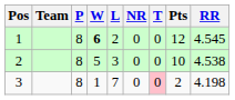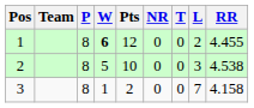 <table class="wikitable">
 <tr>
 <th>Pos</th>
 <th>Team</th>
 <th><a href='#'>P</a></th>
 <th><a href='#'>W</a></th>
-<th><a href='#'>L</a></th>
+<th>Pts</th>
 <th><a href='#'>NR</a></th>
 <th><a href='#'>T</a></th>
-<th>Pts</th>
+<th><a href='#'>L</a></th>
 <th><a href='#'>RR</a></th>
 </tr>
 <tr align="center" bgcolor="#ccffcc">
 <td>1</td>
 <td align="left"></td>
 <td>8</td>
 <td><strong>6</strong></td>
-<td>2</td>
+<td>12</td>
 <td>0</td>
 <td>0</td>
-<td>12</td>
-<td>4.545</td>
+<td>2</td>
+<td>4.455</td>
 </tr>
 <tr align="center" bgcolor="#ccffcc">
 <td>2</td>
 <td align="left"></td>
 <td>8</td>
 <td>5</td>
-<td>3</td>
+<td>10</td>
 <td>0</td>
 <td>0</td>
-<td>10</td>
+<td>3</td>
 <td>4.538</td>
 </tr>
 <tr align="center">
 <td>3</td>
 <td align="left"></td>
 <td>8</td>
 <td>1</td>
+<td>2</td>
+<td>0</td>
+<td>0</td>
 <td>7</td>
-<td>0</td>
-<td style="background: pink;">0</td>
-<td>2</td>
-<td>4.198</td>
+<td>4.158</td>
 </tr>
 </table>
